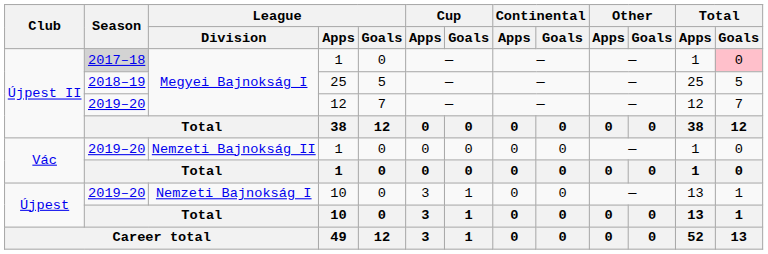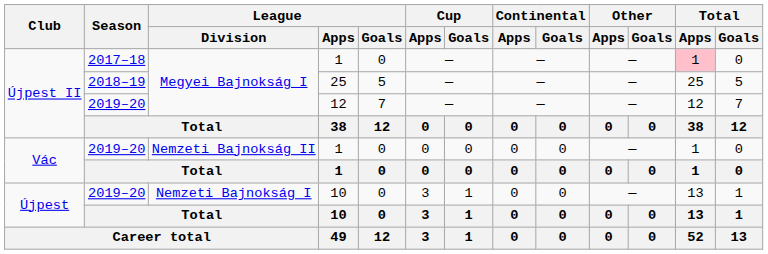 <table class="wikitable" style="text-align:center">
 <tr>
 <th rowspan="2">Club</th>
 <th rowspan="2">Season</th>
 <th colspan="3">League</th>
 <th colspan="2">Cup</th>
 <th colspan="2">Continental</th>
 <th colspan="2">Other</th>
 <th colspan="2">Total</th>
 </tr>
 <tr>
 <th>Division</th>
 <th>Apps</th>
 <th>Goals</th>
 <th>Apps</th>
 <th>Goals</th>
 <th>Apps</th>
 <th>Goals</th>
 <th>Apps</th>
 <th>Goals</th>
 <th>Apps</th>
 <th>Goals</th>
 </tr>
 <tr>
 <td rowspan="4"><a href='#'>Újpest II</a></td>
-<td style="background: lightgrey;"><a href='#'>2017–18</a></td>
+<td><a href='#'>2017–18</a></td>
 <td rowspan="3"><a href='#'>Megyei Bajnokság I</a></td>
 <td>1</td>
 <td>0</td>
 <td colspan="2">—</td>
 <td colspan="2">—</td>
 <td colspan="2">—</td>
-<td>1</td>
-<td style="background: pink;">0</td>
+<td style="background: pink;">1</td>
+<td>0</td>
 </tr>
 <tr>
 <td><a href='#'>2018–19</a></td>
 <td>25</td>
 <td>5</td>
 <td colspan="2">—</td>
 <td colspan="2">—</td>
 <td colspan="2">—</td>
 <td>25</td>
 <td>5</td>
 </tr>
 <tr>
 <td><a href='#'>2019–20</a></td>
 <td>12</td>
 <td>7</td>
 <td colspan="2">—</td>
 <td colspan="2">—</td>
 <td colspan="2">—</td>
 <td>12</td>
 <td>7</td>
 </tr>
 <tr>
 <th colspan="2">Total</th>
 <th>38</th>
 <th>12</th>
 <th>0</th>
 <th>0</th>
 <th>0</th>
 <th>0</th>
 <th>0</th>
 <th>0</th>
 <th>38</th>
 <th>12</th>
 </tr>
 <tr>
 <td rowspan="2"><a href='#'>Vác</a></td>
 <td><a href='#'>2019–20</a></td>
 <td><a href='#'>Nemzeti Bajnokság II</a></td>
 <td>1</td>
 <td>0</td>
 <td>0</td>
 <td>0</td>
 <td>0</td>
 <td>0</td>
 <td colspan="2">—</td>
 <td>1</td>
 <td>0</td>
 </tr>
 <tr>
 <th colspan="2">Total</th>
 <th>1</th>
 <th>0</th>
 <th>0</th>
 <th>0</th>
 <th>0</th>
 <th>0</th>
 <th>0</th>
 <th>0</th>
 <th>1</th>
 <th>0</th>
 </tr>
 <tr>
 <td rowspan="2"><a href='#'>Újpest</a></td>
 <td><a href='#'>2019–20</a></td>
 <td><a href='#'>Nemzeti Bajnokság I</a></td>
 <td>10</td>
 <td>0</td>
 <td>3</td>
 <td>1</td>
 <td>0</td>
 <td>0</td>
 <td colspan="2">—</td>
 <td>13</td>
 <td>1</td>
 </tr>
 <tr>
 <th colspan="2">Total</th>
 <th>10</th>
 <th>0</th>
 <th>3</th>
 <th>1</th>
 <th>0</th>
 <th>0</th>
 <th>0</th>
 <th>0</th>
 <th>13</th>
 <th>1</th>
 </tr>
 <tr>
 <th colspan="3">Career total</th>
 <th>49</th>
 <th>12</th>
 <th>3</th>
 <th>1</th>
 <th>0</th>
 <th>0</th>
 <th>0</th>
 <th>0</th>
 <th>52</th>
 <th>13</th>
 </tr>
 </table>
